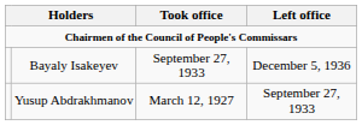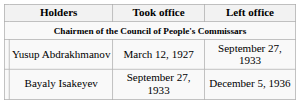 <table class="wikitable" style="text-align:center">
 <tr style="background:#cccccc">
 <th colspan="2" width="150">Holders</th>
 <th rowspan="1" width="125">Took office</th>
 <th rowspan="1" width="125">Left office</th>
 </tr>
 <tr>
 <td colspan="4" align="center"><strong><small>Chairmen of the Council of People's Commissars</small></strong></td>
 </tr>
 <tr>
 <td rowspan="1" style="background-color: "></td>
+<td rowspan=1>Yusup Abdrakhmanov<br></td>
+<td rowspan=1>March 12, 1927<br></td>
+<td rowspan=1>September 27, 1933<br></td>
+</tr>
+<tr>
+<td rowspan="1" style="background-color: "></td>
 <td rowspan=1>Bayaly Isakeyev<br></td>
 <td rowspan=1>September 27, 1933<br></td>
 <td rowspan=1>December 5, 1936<br></td>
 </tr>
-<tr>
-<td rowspan="1" style="background-color: "></td>
-<td rowspan=1>Yusup Abdrakhmanov<br></td>
-<td rowspan=1>March 12, 1927<br></td>
-<td rowspan=1>September 27, 1933<br></td>
-</tr>
 </table>
